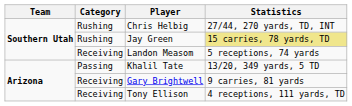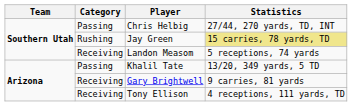 <table class="wikitable" style="float: right;">
 <tr>
 <th>Team</th>
 <th>Category</th>
 <th>Player</th>
 <th>Statistics</th>
 </tr>
 <tr>
 <td rowspan=3><strong>Southern Utah</strong></td>
-<td>Rushing</td>
+<td>Passing</td>
 <td>Chris Helbig</td>
 <td>27/44, 270 yards, TD, INT</td>
 </tr>
 <tr>
 <td>Rushing</td>
 <td>Jay Green</td>
 <td style="background: khaki;">15 carries, 78 yards, TD</td>
 </tr>
 <tr>
 <td>Receiving</td>
 <td>Landon Measom</td>
 <td>5 receptions, 74 yards</td>
 </tr>
 <tr>
 <td rowspan=3><strong>Arizona</strong></td>
 <td>Passing</td>
 <td>Khalil Tate</td>
 <td>13/20, 349 yards, 5 TD</td>
 </tr>
 <tr>
 <td>Receiving</td>
 <td><a href='#'>Gary Brightwell</a></td>
 <td>9 carries, 81 yards</td>
 </tr>
 <tr>
 <td>Receiving</td>
 <td>Tony Ellison</td>
 <td>4 receptions, 111 yards, TD</td>
 </tr>
 </table>
